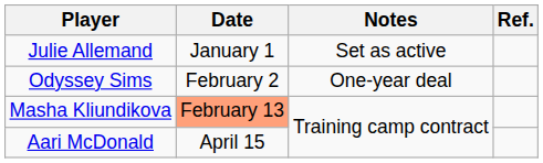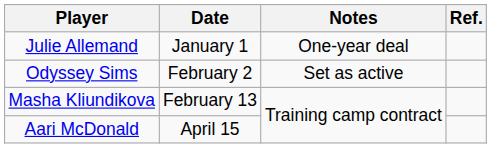 <table class="wikitable sortable sortable" style="text-align: center">
 <tr>
 <th>Player</th>
 <th>Date</th>
 <th>Notes</th>
 <th>Ref.</th>
 </tr>
 <tr>
 <td><a href='#'>Julie Allemand</a></td>
 <td>January 1</td>
-<td>Set as active</td>
+<td>One-year deal</td>
 <td></td>
 </tr>
 <tr>
 <td><a href='#'>Odyssey Sims</a></td>
 <td>February 2</td>
-<td>One-year deal</td>
+<td>Set as active</td>
 <td></td>
 </tr>
 <tr>
 <td><a href='#'>Masha Kliundikova</a></td>
-<td style="background: lightsalmon;">February 13</td>
+<td>February 13</td>
 <td rowspan=2>Training camp contract</td>
 <td></td>
 </tr>
 <tr>
 <td><a href='#'>Aari McDonald</a></td>
 <td>April 15</td>
 <td></td>
 </tr>
 </table>
